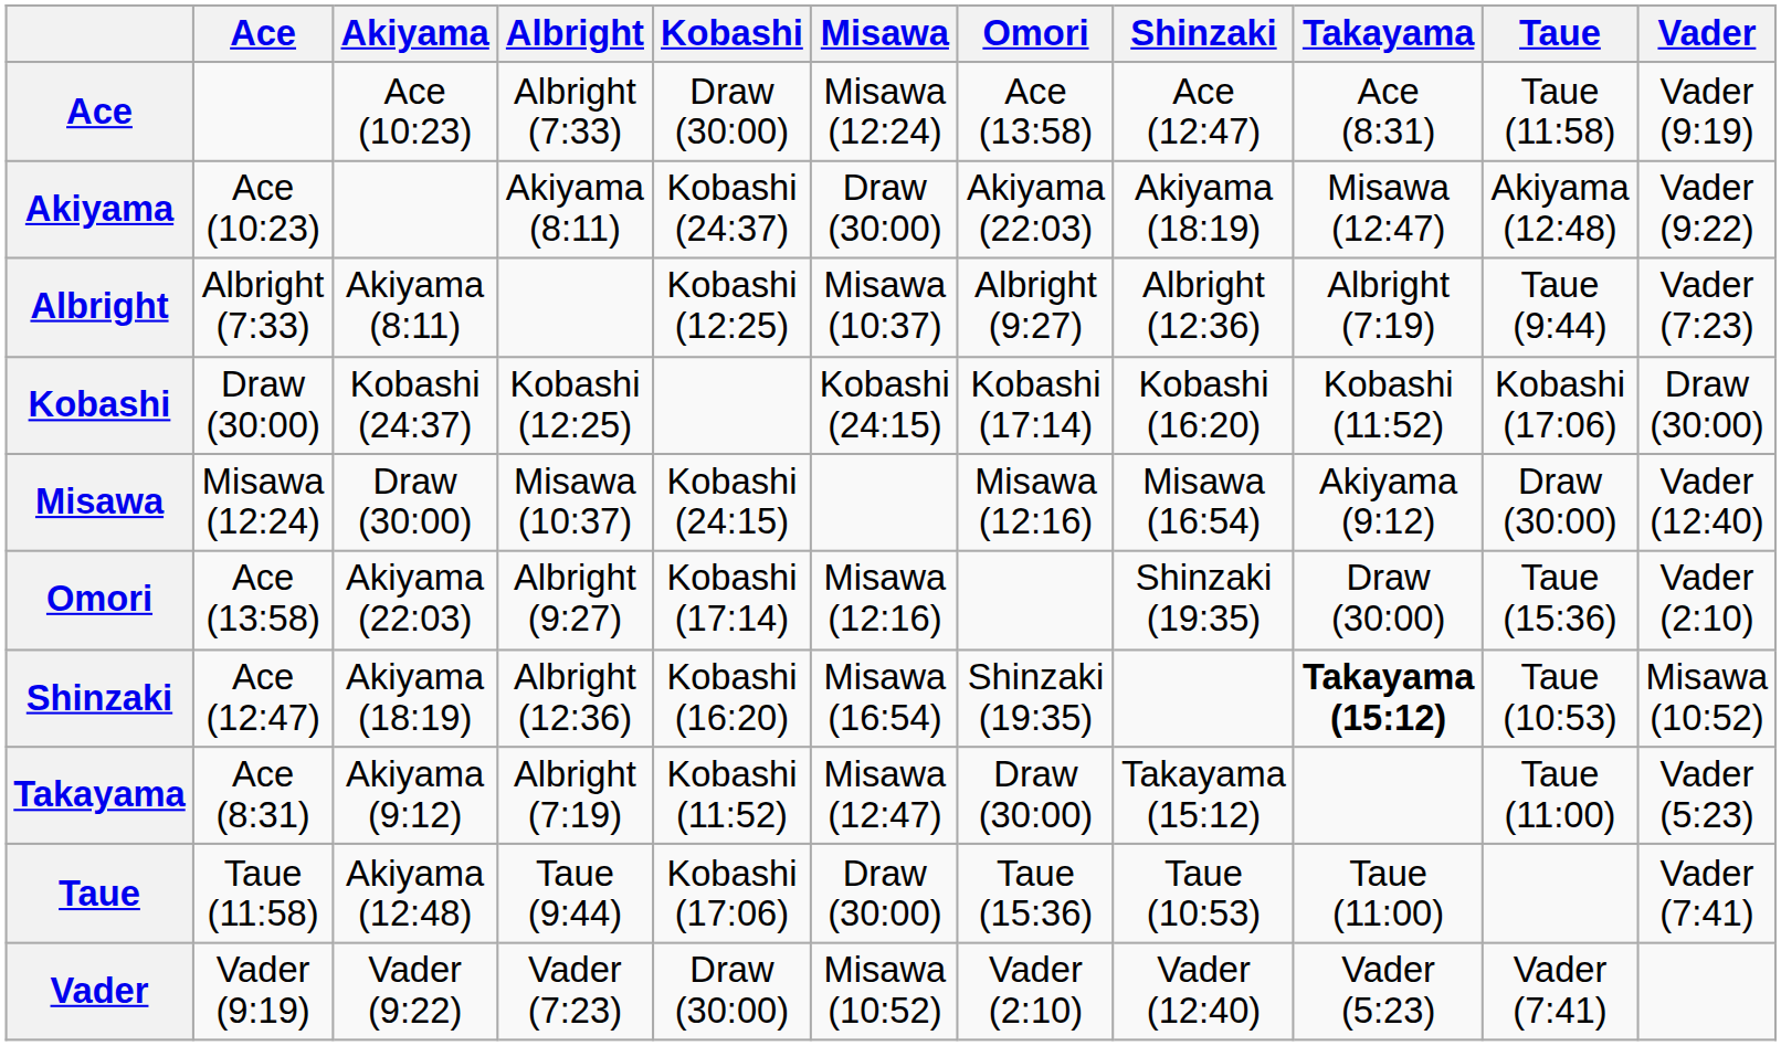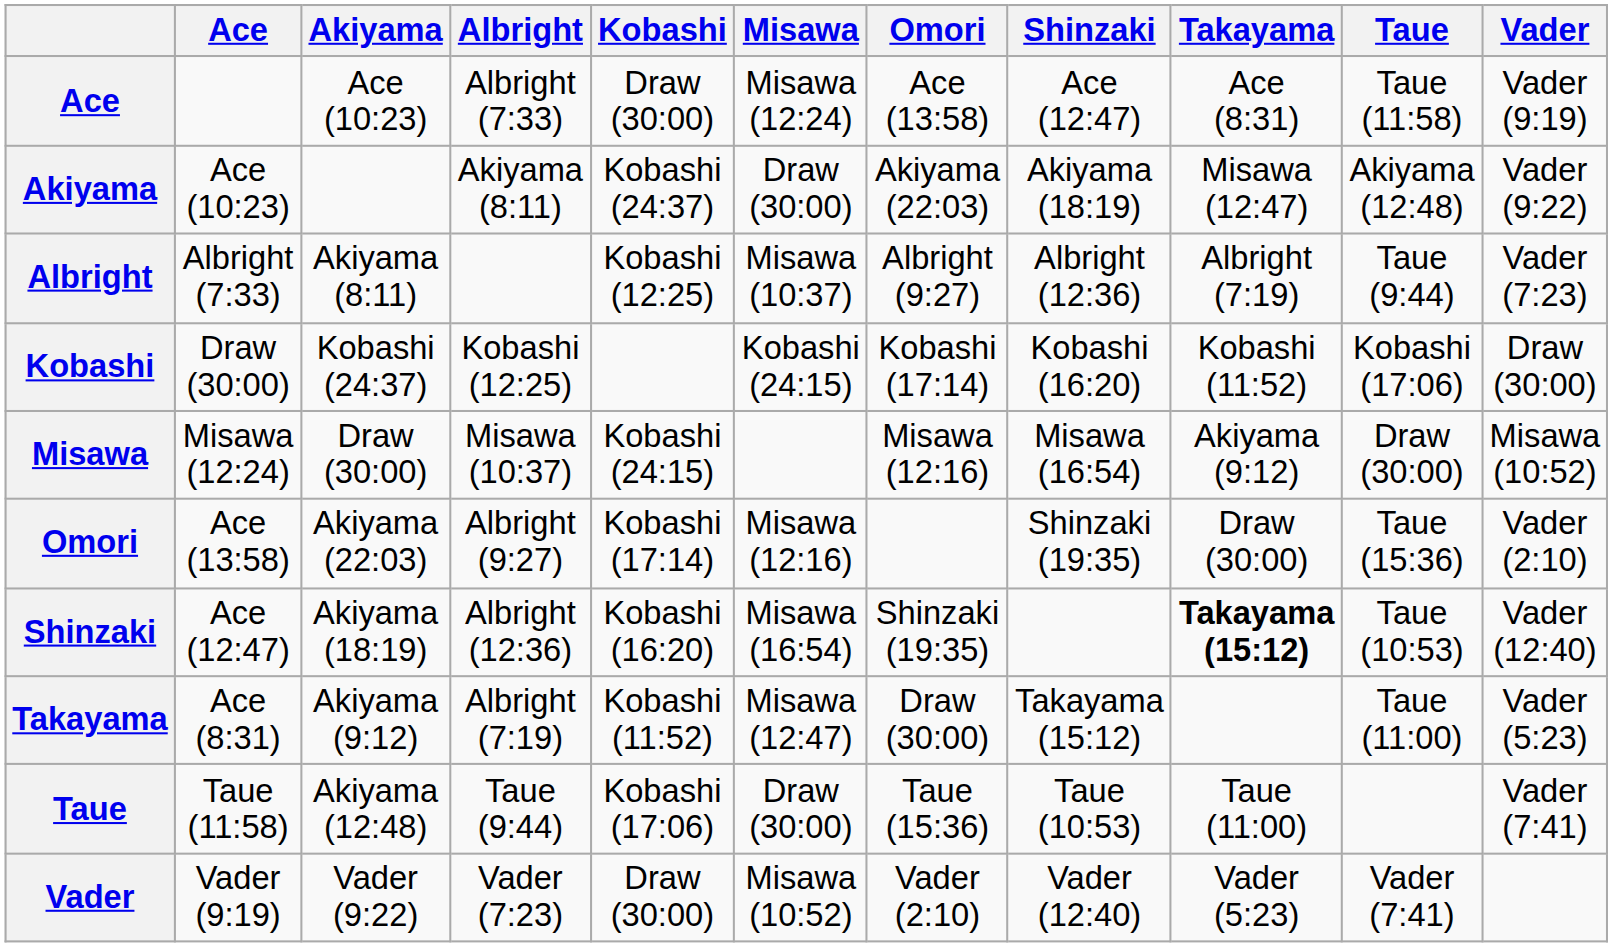 <table class="wikitable" style="margin: 1em auto 1em auto; text-align:center;">
 <tr>
 <th></th>
 <th><a href='#'>Ace</a></th>
 <th><a href='#'>Akiyama</a></th>
 <th><a href='#'>Albright</a></th>
 <th><a href='#'>Kobashi</a></th>
 <th><a href='#'>Misawa</a></th>
 <th><a href='#'>Omori</a></th>
 <th><a href='#'>Shinzaki</a></th>
 <th><a href='#'>Takayama</a></th>
 <th><a href='#'>Taue</a></th>
 <th><a href='#'>Vader</a></th>
 </tr>
 <tr>
 <th><a href='#'>Ace</a></th>
 <td></td>
 <td>Ace<br>(10:23)</td>
 <td>Albright<br>(7:33)</td>
 <td>Draw<br>(30:00)</td>
 <td>Misawa<br>(12:24)</td>
 <td>Ace<br>(13:58)</td>
 <td>Ace<br>(12:47)</td>
 <td>Ace<br>(8:31)</td>
 <td>Taue<br>(11:58)</td>
 <td>Vader<br>(9:19)</td>
 </tr>
 <tr>
 <th><a href='#'>Akiyama</a></th>
 <td>Ace<br>(10:23)</td>
 <td></td>
 <td>Akiyama<br>(8:11)</td>
 <td>Kobashi<br>(24:37)</td>
 <td>Draw<br>(30:00)</td>
 <td>Akiyama<br>(22:03)</td>
 <td>Akiyama<br>(18:19)</td>
 <td>Misawa<br>(12:47)</td>
 <td>Akiyama<br>(12:48)</td>
 <td>Vader<br>(9:22)</td>
 </tr>
 <tr>
 <th><a href='#'>Albright</a></th>
 <td>Albright<br>(7:33)</td>
 <td>Akiyama<br>(8:11)</td>
 <td></td>
 <td>Kobashi<br>(12:25)</td>
 <td>Misawa<br>(10:37)</td>
 <td>Albright<br>(9:27)</td>
 <td>Albright<br>(12:36)</td>
 <td>Albright<br>(7:19)</td>
 <td>Taue<br>(9:44)</td>
 <td>Vader<br>(7:23)</td>
 </tr>
 <tr>
 <th><a href='#'>Kobashi</a></th>
 <td>Draw<br>(30:00)</td>
 <td>Kobashi<br>(24:37)</td>
 <td>Kobashi<br>(12:25)</td>
 <td></td>
 <td>Kobashi<br>(24:15)</td>
 <td>Kobashi<br>(17:14)</td>
 <td>Kobashi<br>(16:20)</td>
 <td>Kobashi<br>(11:52)</td>
 <td>Kobashi<br>(17:06)</td>
 <td>Draw<br>(30:00)</td>
 </tr>
 <tr>
 <th><a href='#'>Misawa</a></th>
 <td>Misawa<br>(12:24)</td>
 <td>Draw<br>(30:00)</td>
 <td>Misawa<br>(10:37)</td>
 <td>Kobashi<br>(24:15)</td>
 <td></td>
 <td>Misawa<br>(12:16)</td>
 <td>Misawa<br>(16:54)</td>
 <td>Akiyama<br>(9:12)</td>
 <td>Draw<br>(30:00)</td>
-<td>Vader<br>(12:40)</td>
+<td>Misawa<br>(10:52)</td>
 </tr>
 <tr>
 <th><a href='#'>Omori</a></th>
 <td>Ace<br>(13:58)</td>
 <td>Akiyama<br>(22:03)</td>
 <td>Albright<br>(9:27)</td>
 <td>Kobashi<br>(17:14)</td>
 <td>Misawa<br>(12:16)</td>
 <td></td>
 <td>Shinzaki<br>(19:35)</td>
 <td>Draw<br>(30:00)</td>
 <td>Taue<br>(15:36)</td>
 <td>Vader<br>(2:10)</td>
 </tr>
 <tr>
 <th><a href='#'>Shinzaki</a></th>
 <td>Ace<br>(12:47)</td>
 <td>Akiyama<br>(18:19)</td>
 <td>Albright<br>(12:36)</td>
 <td>Kobashi<br>(16:20)</td>
 <td>Misawa<br>(16:54)</td>
 <td>Shinzaki<br>(19:35)</td>
 <td></td>
 <td><strong>Takayama<br>(15:12)</strong></td>
 <td>Taue<br>(10:53)</td>
-<td>Misawa<br>(10:52)</td>
+<td>Vader<br>(12:40)</td>
 </tr>
 <tr>
 <th><a href='#'>Takayama</a></th>
 <td>Ace<br>(8:31)</td>
 <td>Akiyama<br>(9:12)</td>
 <td>Albright<br>(7:19)</td>
 <td>Kobashi<br>(11:52)</td>
 <td>Misawa<br>(12:47)</td>
 <td>Draw<br>(30:00)</td>
 <td>Takayama<br>(15:12)</td>
 <td></td>
 <td>Taue<br>(11:00)</td>
 <td>Vader<br>(5:23)</td>
 </tr>
 <tr>
 <th><a href='#'>Taue</a></th>
 <td>Taue<br>(11:58)</td>
 <td>Akiyama<br>(12:48)</td>
 <td>Taue<br>(9:44)</td>
 <td>Kobashi<br>(17:06)</td>
 <td>Draw<br>(30:00)</td>
 <td>Taue<br>(15:36)</td>
 <td>Taue<br>(10:53)</td>
 <td>Taue<br>(11:00)</td>
 <td></td>
 <td>Vader<br>(7:41)</td>
 </tr>
 <tr>
 <th><a href='#'>Vader</a></th>
 <td>Vader<br>(9:19)</td>
 <td>Vader<br>(9:22)</td>
 <td>Vader<br>(7:23)</td>
 <td>Draw<br>(30:00)</td>
 <td>Misawa<br>(10:52)</td>
 <td>Vader<br>(2:10)</td>
 <td>Vader<br>(12:40)</td>
 <td>Vader<br>(5:23)</td>
 <td>Vader<br>(7:41)</td>
 <td></td>
 </tr>
 </table>
